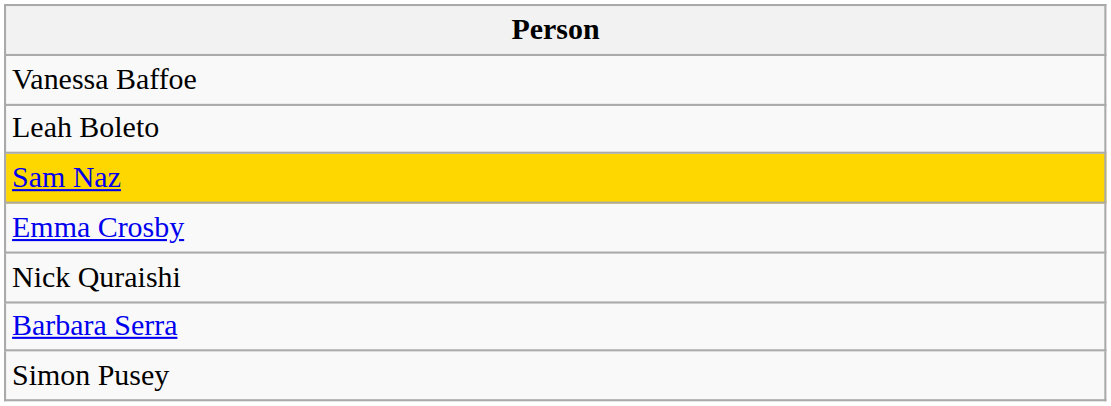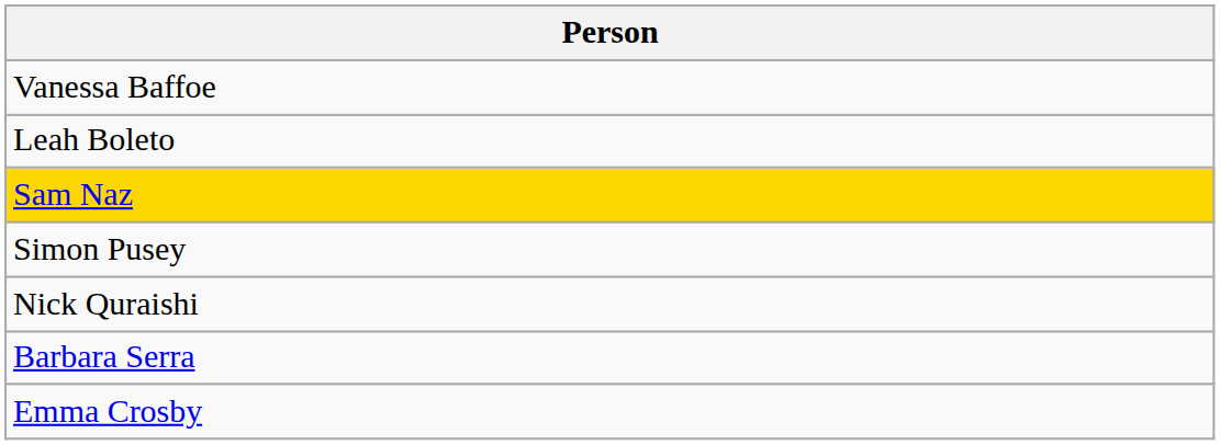 <table class="wikitable" style="font-size:90%; width:60%;">
 <tr>
 <th scope="col" style="width: 25%;">Person</th>
 </tr>
 <tr>
 <td>Vanessa Baffoe</td>
 </tr>
 <tr>
 <td>Leah Boleto</td>
 </tr>
 <tr>
 <td style="background: gold;"><a href='#'>Sam Naz</a></td>
 </tr>
 <tr>
-<td><a href='#'>Emma Crosby</a></td>
+<td>Simon Pusey</td>
 </tr>
 <tr>
 <td>Nick Quraishi</td>
 </tr>
 <tr>
 <td><a href='#'>Barbara Serra</a></td>
 </tr>
 <tr>
-<td>Simon Pusey</td>
+<td><a href='#'>Emma Crosby</a></td>
 </tr>
 </table>
